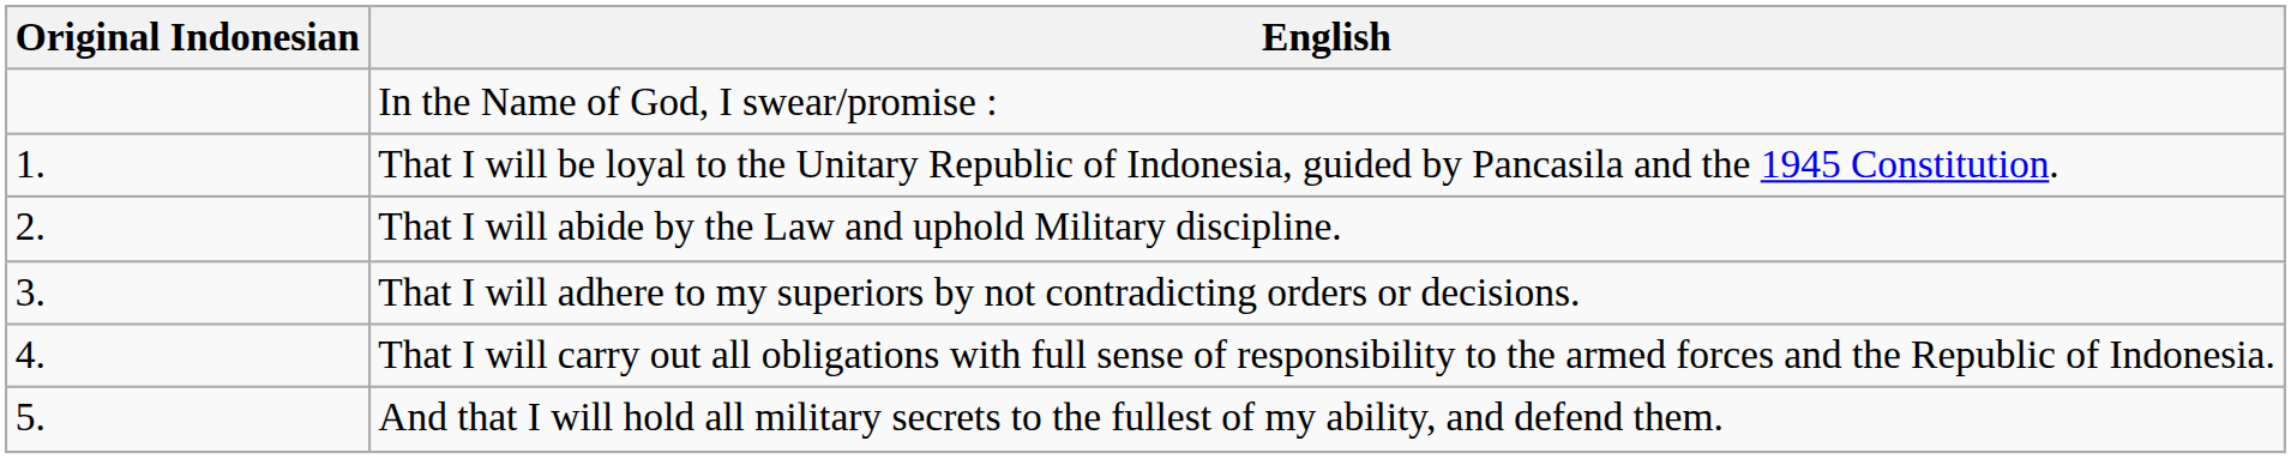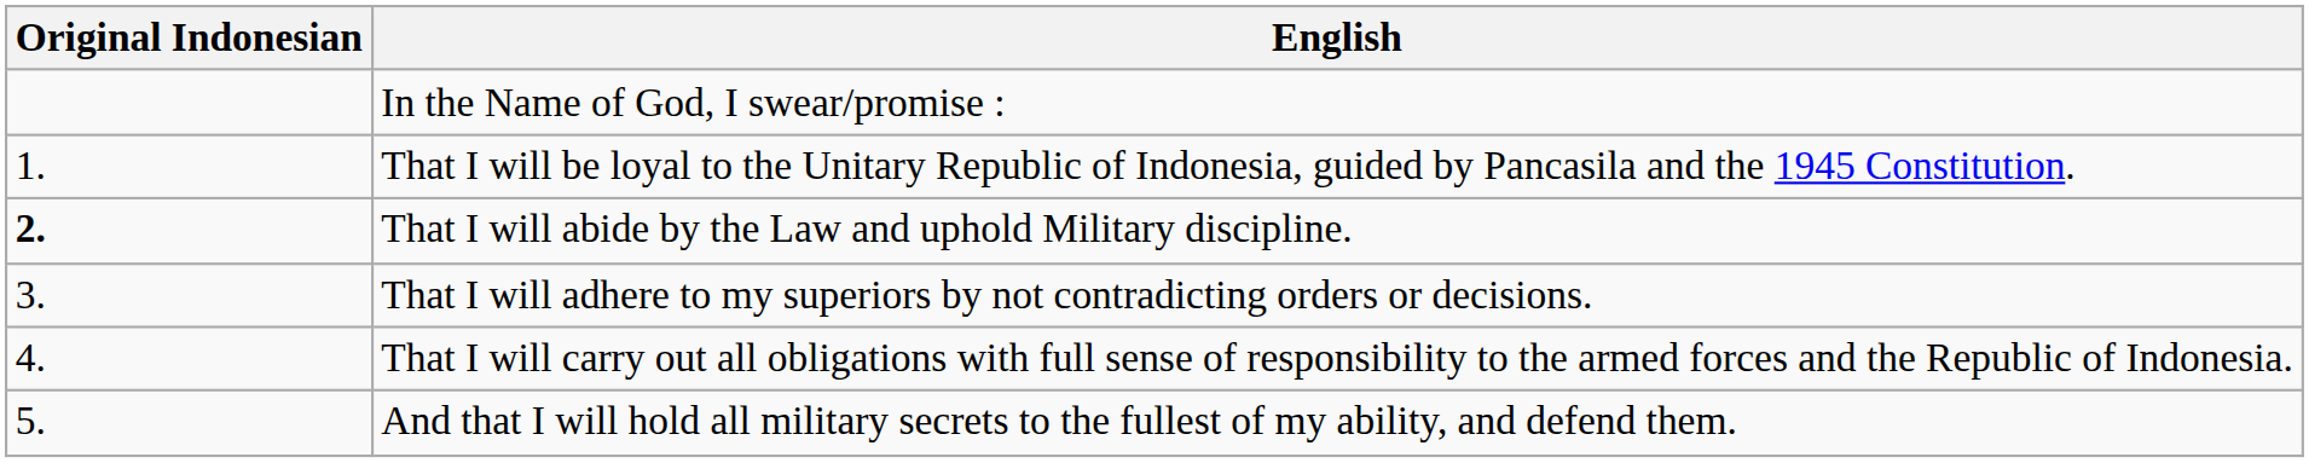 <table class="wikitable">
 <tr>
 <th>Original Indonesian</th>
 <th>English</th>
 </tr>
 <tr>
 <td></td>
 <td>In the Name of God, I swear/promise :</td>
 </tr>
 <tr>
 <td>1. </td>
 <td>That I will be loyal to the Unitary Republic of Indonesia, guided by Pancasila and the <a href='#'>1945 Constitution</a>.</td>
 </tr>
 <tr>
-<td>2. </td>
+<td><strong>2. </strong></td>
 <td>That I will abide by the Law and uphold Military discipline.</td>
 </tr>
 <tr>
 <td>3. </td>
 <td>That I will adhere to my superiors by not contradicting orders or decisions.</td>
 </tr>
 <tr>
 <td>4. </td>
 <td>That I will carry out all obligations with full sense of responsibility to the armed forces and the Republic of Indonesia.</td>
 </tr>
 <tr>
 <td>5. </td>
 <td>And that I will hold all military secrets to the fullest of my ability, and defend them.</td>
 </tr>
 </table>
